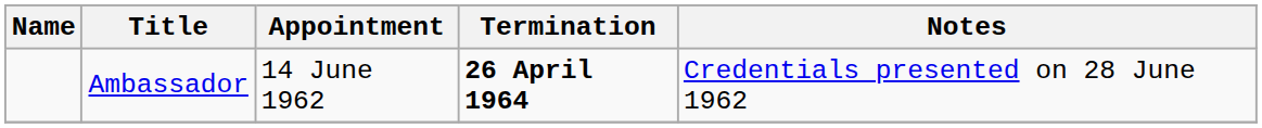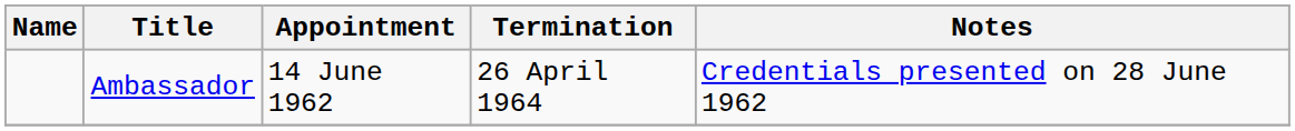 <table class="wikitable">
 <tr valign="middle">
 <th>Name</th>
 <th>Title</th>
 <th>Appointment</th>
 <th>Termination</th>
 <th>Notes</th>
 </tr>
 <tr>
 <td></td>
 <td><a href='#'>Ambassador</a></td>
 <td>14 June 1962</td>
-<td><strong>26 April 1964</strong></td>
+<td>26 April 1964</td>
 <td><a href='#'>Credentials presented</a> on 28 June 1962</td>
 </tr>
 <tr>
 </tr>
 </table>
